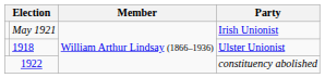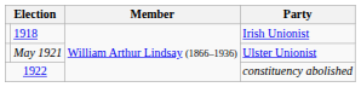 <table class="wikitable">
 <tr>
 <th colspan="2">Election</th>
 <th>Member</th>
 <th>Party</th>
 </tr>
 <tr>
 <td style="color:inherit;background-color: "></td>
-<td><em>May 1921</em></td>
+<td><a href='#'>1918</a></td>
 <td rowspan="3"><a href='#'>William Arthur Lindsay</a> <small>(1866–1936)</small></td>
 <td><a href='#'>Irish Unionist</a></td>
 </tr>
 <tr>
 <td style="color:inherit;background-color: "></td>
-<td><a href='#'>1918</a></td>
+<td><em>May 1921</em></td>
 <td><a href='#'>Ulster Unionist</a></td>
 </tr>
 <tr>
 <td colspan="2" align="center"><a href='#'>1922</a></td>
 <td colspan="2"><em>constituency abolished</em></td>
 </tr>
 </table>
